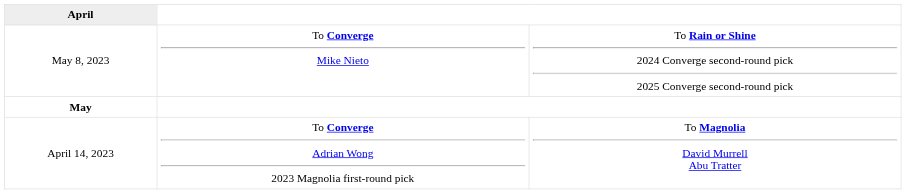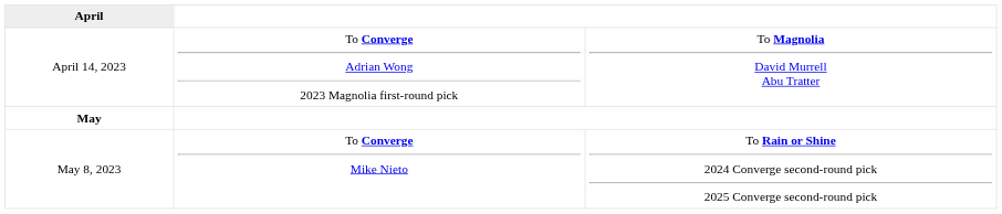 <table border=1 style="border-collapse:collapse; text-align: center; width: 100%" bordercolor="#DFDFDF"  cellpadding="5">
 <tr bgcolor="eeeeee">
 <th>April</th>
+</tr>
+<tr>
+<td style="width:12%">April 14, 2023</td>
+<td style="width:29.3%" valign="top">To <strong><a href='#'>Converge</a></strong><hr><a href='#'>Adrian Wong</a><hr>2023 Magnolia first-round pick</td>
+<td style="width:29.3%" valign="top">To <strong><a href='#'>Magnolia</a></strong><hr><a href='#'>David Murrell</a><br><a href='#'>Abu Tratter</a></td>
+</tr>
+<tr>
+<th>May</th>
 </tr>
 <tr>
 <td style="width:12%">May 8, 2023</td>
 <td style="width:29.3%" valign="top">To <strong><a href='#'>Converge</a></strong><hr><a href='#'>Mike Nieto</a></td>
 <td style="width:29.3%" valign="top">To <strong><a href='#'>Rain or Shine</a></strong><hr>2024 Converge second-round pick<hr>2025 Converge second-round pick</td>
 </tr>
-<tr>
-<th>May</th>
-</tr>
-<tr>
-<td style="width:12%">April 14, 2023</td>
-<td style="width:29.3%" valign="top">To <strong><a href='#'>Converge</a></strong><hr><a href='#'>Adrian Wong</a><hr>2023 Magnolia first-round pick</td>
-<td style="width:29.3%" valign="top">To <strong><a href='#'>Magnolia</a></strong><hr><a href='#'>David Murrell</a><br><a href='#'>Abu Tratter</a></td>
-</tr>
 </table>
